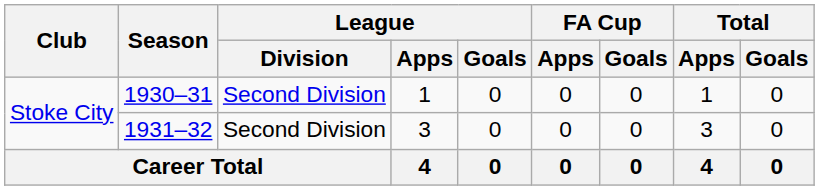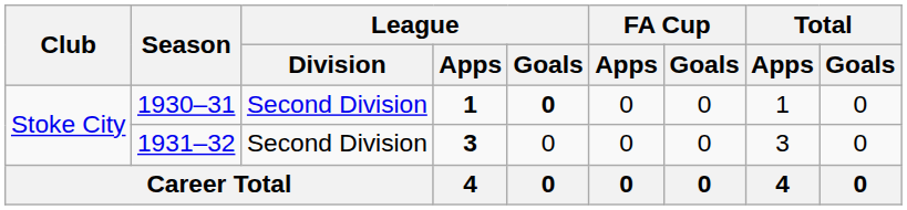 <table class="wikitable" style="text-align: center;">
 <tr>
 <th rowspan="2">Club</th>
 <th rowspan="2">Season</th>
 <th colspan="3">League</th>
 <th colspan="2">FA Cup</th>
 <th colspan="2">Total</th>
 </tr>
 <tr>
 <th>Division</th>
 <th>Apps</th>
 <th>Goals</th>
 <th>Apps</th>
 <th>Goals</th>
 <th>Apps</th>
 <th>Goals</th>
 </tr>
 <tr>
 <td rowspan="2"><a href='#'>Stoke City</a></td>
 <td><a href='#'>1930–31</a></td>
 <td><a href='#'>Second Division</a></td>
-<td>1</td>
-<td>0</td>
+<td><strong>1</strong></td>
+<td><strong>0</strong></td>
 <td>0</td>
 <td>0</td>
 <td>1</td>
 <td>0</td>
 </tr>
 <tr>
 <td><a href='#'>1931–32</a></td>
 <td>Second Division</td>
-<td>3</td>
+<td><strong>3</strong></td>
 <td>0</td>
 <td>0</td>
 <td>0</td>
 <td>3</td>
 <td>0</td>
 </tr>
 <tr>
 <th colspan="3">Career Total</th>
 <th>4</th>
 <th>0</th>
 <th>0</th>
 <th>0</th>
 <th>4</th>
 <th>0</th>
 </tr>
 </table>
